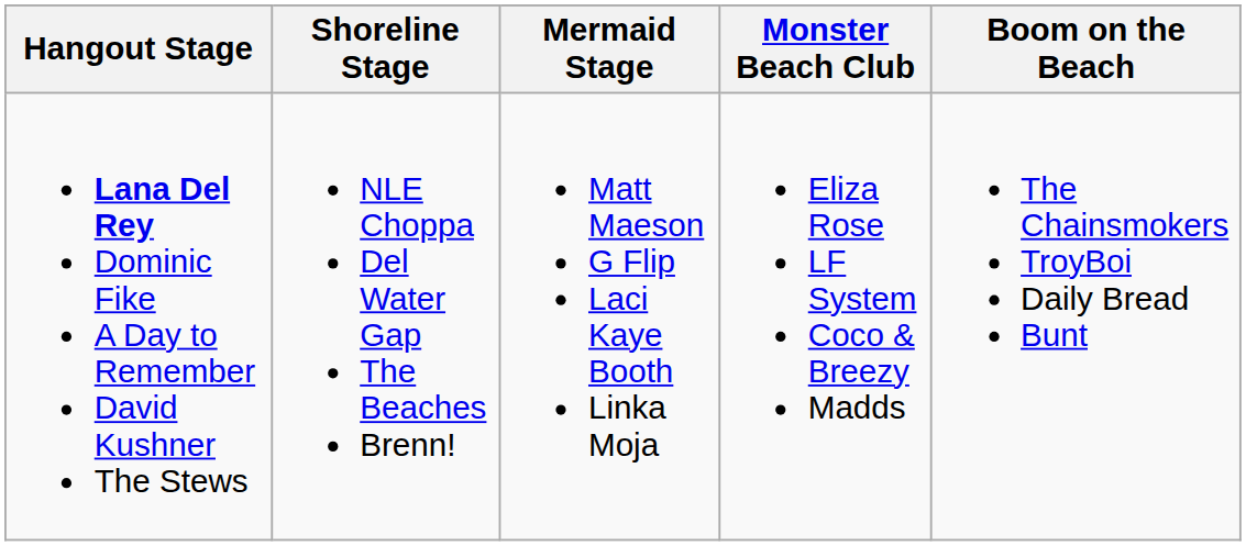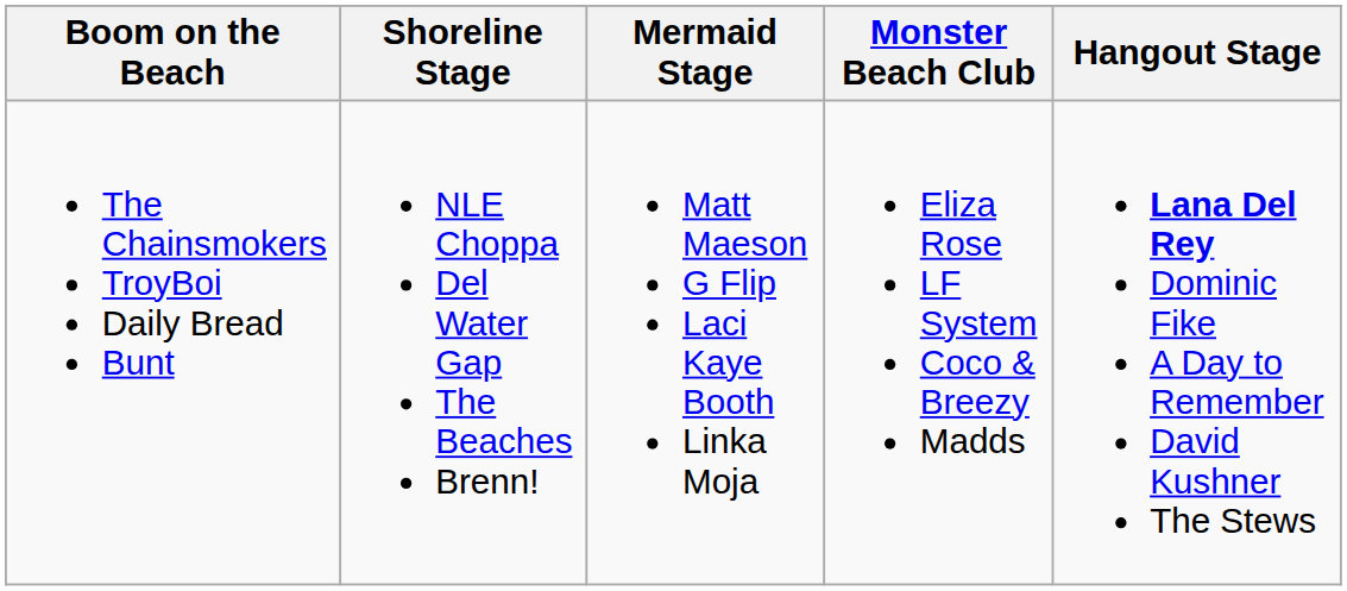 <table class="wikitable">
 <tr>
-<th>Hangout Stage</th>
+<th>Boom on the Beach</th>
 <th>Shoreline Stage</th>
 <th>Mermaid Stage</th>
 <th><a href='#'>Monster</a> Beach Club</th>
-<th>Boom on the Beach</th>
+<th>Hangout Stage</th>
 </tr>
 <tr valign="top">
-<td><br><ul><li><strong><a href='#'>Lana Del Rey</a></strong></li><li><a href='#'>Dominic Fike</a></li><li><a href='#'>A Day to Remember</a></li><li><a href='#'>David Kushner</a></li><li>The Stews</li></ul></td>
+<td><br><ul><li><a href='#'>The Chainsmokers</a></li><li><a href='#'>TroyBoi</a></li><li>Daily Bread</li><li><a href='#'>Bunt</a></li></ul></td>
 <td><br><ul><li><a href='#'>NLE Choppa</a></li><li><a href='#'>Del Water Gap</a></li><li><a href='#'>The Beaches</a></li><li>Brenn!</li></ul></td>
 <td><br><ul><li><a href='#'>Matt Maeson</a></li><li><a href='#'>G Flip</a></li><li><a href='#'>Laci Kaye Booth</a></li><li>Linka Moja</li></ul></td>
 <td><br><ul><li><a href='#'>Eliza Rose</a></li><li><a href='#'>LF System</a></li><li><a href='#'>Coco & Breezy</a></li><li>Madds</li></ul></td>
-<td><br><ul><li><a href='#'>The Chainsmokers</a></li><li><a href='#'>TroyBoi</a></li><li>Daily Bread</li><li><a href='#'>Bunt</a></li></ul></td>
+<td><br><ul><li><strong><a href='#'>Lana Del Rey</a></strong></li><li><a href='#'>Dominic Fike</a></li><li><a href='#'>A Day to Remember</a></li><li><a href='#'>David Kushner</a></li><li>The Stews</li></ul></td>
 </tr>
 </table>
